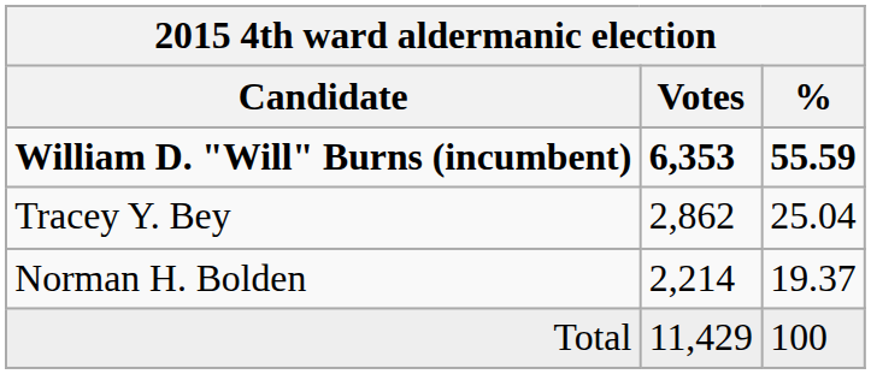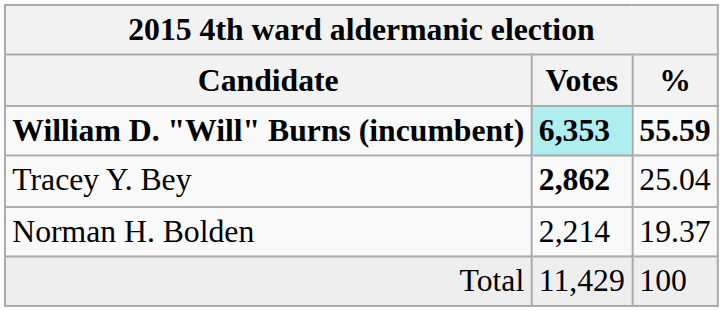 <table class="wikitable">
 <tr>
 <th colspan=3>2015 4th ward aldermanic election</th>
 </tr>
 <tr>
 <th>Candidate</th>
 <th>Votes</th>
 <th>%</th>
 </tr>
 <tr>
 <td><strong>William D. "Will" Burns (incumbent)</strong></td>
-<td><strong>6,353</strong></td>
+<td style="background: paleturquoise;"><strong>6,353</strong></td>
 <td><strong>55.59</strong></td>
 </tr>
 <tr>
 <td>Tracey Y. Bey</td>
-<td>2,862</td>
+<td><strong>2,862</strong></td>
 <td>25.04</td>
 </tr>
 <tr>
 <td>Norman H. Bolden</td>
 <td>2,214</td>
 <td>19.37</td>
 </tr>
 <tr style="background:#eee; text-align:right;">
 <td>Total</td>
 <td style="background:#eee; text-align:left">11,429</td>
 <td style="background:#eee; text-align:left">100</td>
 </tr>
 </table>
